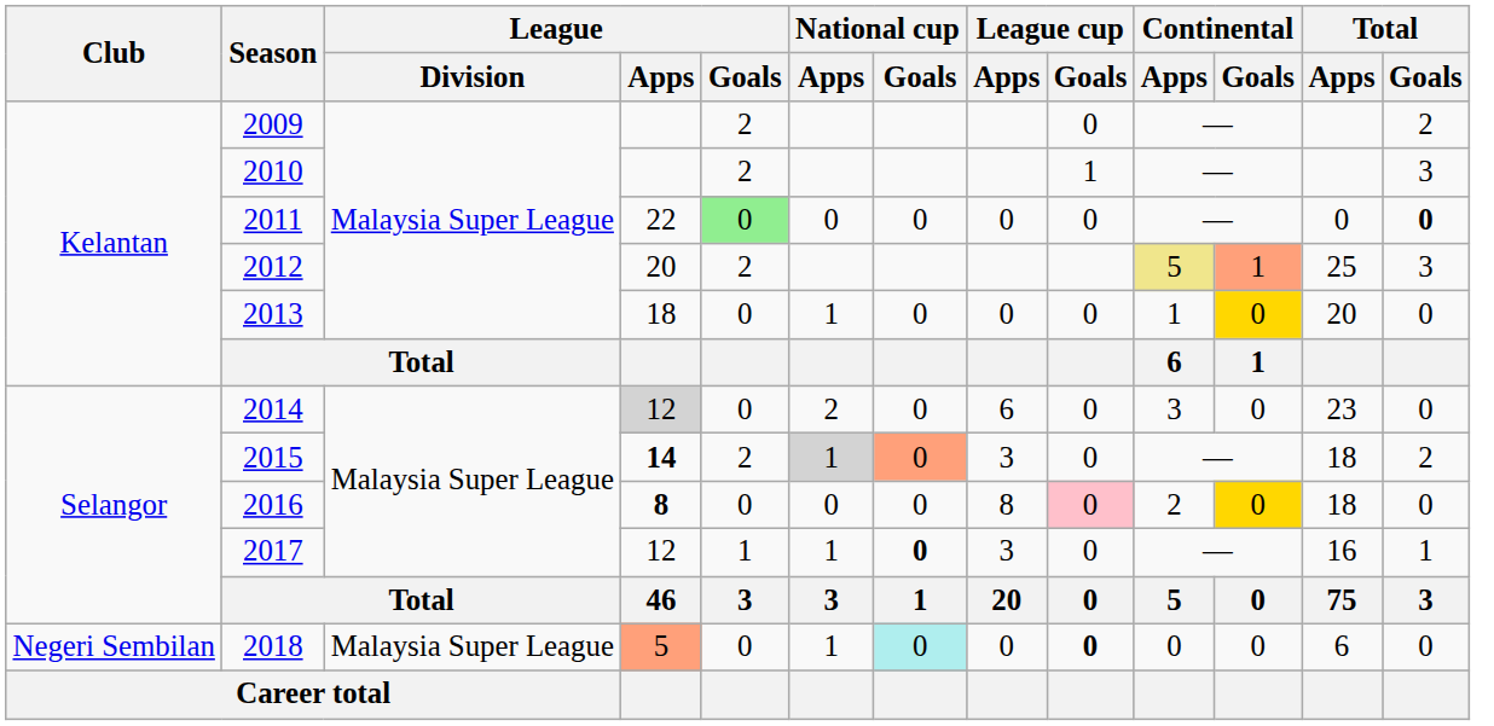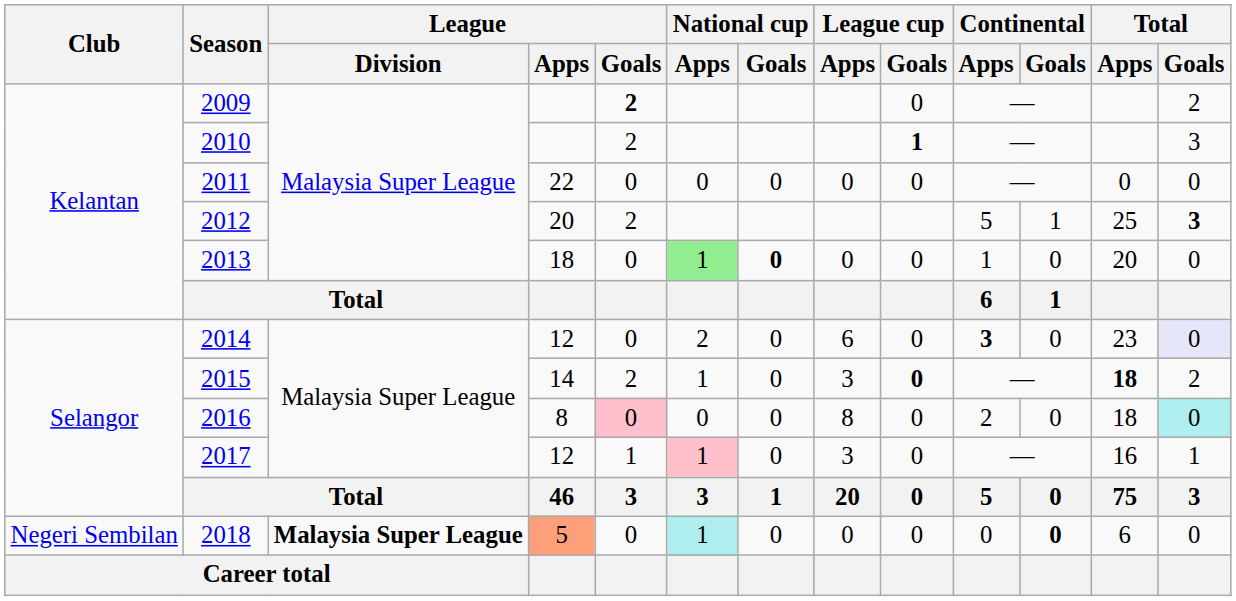 <table class="wikitable" style="text-align:center">
 <tr>
 <th rowspan="2">Club</th>
 <th rowspan="2">Season</th>
 <th colspan="3">League</th>
 <th colspan="2">National cup</th>
 <th colspan="2">League cup</th>
 <th colspan="2">Continental</th>
 <th colspan="2">Total</th>
 </tr>
 <tr>
 <th>Division</th>
 <th>Apps</th>
 <th>Goals</th>
 <th>Apps</th>
 <th>Goals</th>
 <th>Apps</th>
 <th>Goals</th>
 <th>Apps</th>
 <th>Goals</th>
 <th>Apps</th>
 <th>Goals</th>
 </tr>
 <tr>
 <td rowspan="6"><a href='#'>Kelantan</a></td>
 <td><a href='#'>2009</a></td>
 <td rowspan="5"><a href='#'>Malaysia Super League</a></td>
 <td></td>
-<td>2</td>
+<td><strong>2</strong></td>
 <td></td>
 <td></td>
 <td></td>
 <td>0</td>
 <td colspan="2">—</td>
 <td></td>
 <td>2</td>
 </tr>
 <tr>
 <td><a href='#'>2010</a></td>
 <td></td>
 <td>2</td>
 <td></td>
 <td></td>
 <td></td>
-<td>1</td>
+<td><strong>1</strong></td>
 <td colspan="2">—</td>
 <td></td>
 <td>3</td>
 </tr>
 <tr>
 <td><a href='#'>2011</a></td>
 <td>22</td>
-<td style="background: lightgreen;">0</td>
+<td>0</td>
 <td>0</td>
 <td>0</td>
 <td>0</td>
 <td>0</td>
 <td colspan="2">—</td>
 <td>0</td>
-<td><strong>0</strong></td>
+<td>0</td>
 </tr>
 <tr>
 <td><a href='#'>2012</a></td>
 <td>20</td>
 <td>2</td>
 <td></td>
 <td></td>
 <td></td>
 <td></td>
-<td style="background: khaki;">5</td>
-<td style="background: lightsalmon;">1</td>
+<td>5</td>
+<td>1</td>
 <td>25</td>
-<td>3</td>
+<td><strong>3</strong></td>
 </tr>
 <tr>
 <td><a href='#'>2013</a></td>
 <td>18</td>
 <td>0</td>
-<td>1</td>
-<td>0</td>
+<td style="background: lightgreen;">1</td>
+<td><strong>0</strong></td>
 <td>0</td>
 <td>0</td>
 <td>1</td>
-<td style="background: gold;">0</td>
+<td>0</td>
 <td>20</td>
 <td>0</td>
 </tr>
 <tr>
 <th colspan="2">Total</th>
 <th></th>
 <th></th>
 <th></th>
 <th></th>
 <th></th>
 <th></th>
 <th>6</th>
 <th>1</th>
 <th></th>
 <th></th>
 </tr>
 <tr>
 <td rowspan="5"><a href='#'>Selangor</a></td>
 <td><a href='#'>2014</a></td>
 <td rowspan="4">Malaysia Super League</td>
-<td style="background: lightgrey;">12</td>
+<td>12</td>
 <td>0</td>
 <td>2</td>
 <td>0</td>
 <td>6</td>
 <td>0</td>
-<td>3</td>
+<td><strong>3</strong></td>
 <td>0</td>
 <td>23</td>
-<td>0</td>
+<td style="background: lavender;">0</td>
 </tr>
 <tr>
 <td><a href='#'>2015</a></td>
-<td><strong>14</strong></td>
+<td>14</td>
 <td>2</td>
-<td style="background: lightgrey;">1</td>
-<td style="background: lightsalmon;">0</td>
+<td>1</td>
+<td>0</td>
 <td>3</td>
-<td>0</td>
+<td><strong>0</strong></td>
 <td colspan=2>—</td>
-<td>18</td>
+<td><strong>18</strong></td>
 <td>2</td>
 </tr>
 <tr>
 <td><a href='#'>2016</a></td>
-<td><strong>8</strong></td>
-<td>0</td>
+<td>8</td>
+<td style="background: pink;">0</td>
 <td>0</td>
 <td>0</td>
 <td>8</td>
-<td style="background: pink;">0</td>
+<td>0</td>
 <td>2</td>
-<td style="background: gold;">0</td>
+<td>0</td>
 <td>18</td>
-<td>0</td>
+<td style="background: paleturquoise;">0</td>
 </tr>
 <tr>
 <td><a href='#'>2017</a></td>
 <td>12</td>
 <td>1</td>
-<td>1</td>
-<td><strong>0</strong></td>
+<td style="background: pink;">1</td>
+<td>0</td>
 <td>3</td>
 <td>0</td>
 <td colspan=2>—</td>
 <td>16</td>
 <td>1</td>
 </tr>
 <tr>
 <th colspan="2">Total</th>
 <th>46</th>
 <th>3</th>
 <th>3</th>
 <th>1</th>
 <th>20</th>
 <th>0</th>
 <th>5</th>
 <th>0</th>
 <th>75</th>
 <th>3</th>
 </tr>
 <tr>
 <td><a href='#'>Negeri Sembilan</a></td>
 <td><a href='#'>2018</a></td>
-<td>Malaysia Super League</td>
+<td><strong>Malaysia Super League</strong></td>
 <td style="background: lightsalmon;">5</td>
 <td>0</td>
-<td>1</td>
-<td style="background: paleturquoise;">0</td>
+<td style="background: paleturquoise;">1</td>
+<td>0</td>
+<td>0</td>
+<td>0</td>
 <td>0</td>
 <td><strong>0</strong></td>
-<td>0</td>
-<td>0</td>
 <td>6</td>
 <td>0</td>
 </tr>
 <tr>
 <th colspan="3">Career total</th>
 <th></th>
 <th></th>
 <th></th>
 <th></th>
 <th></th>
 <th></th>
 <th></th>
 <th></th>
 <th></th>
 <th></th>
 </tr>
 </table>
